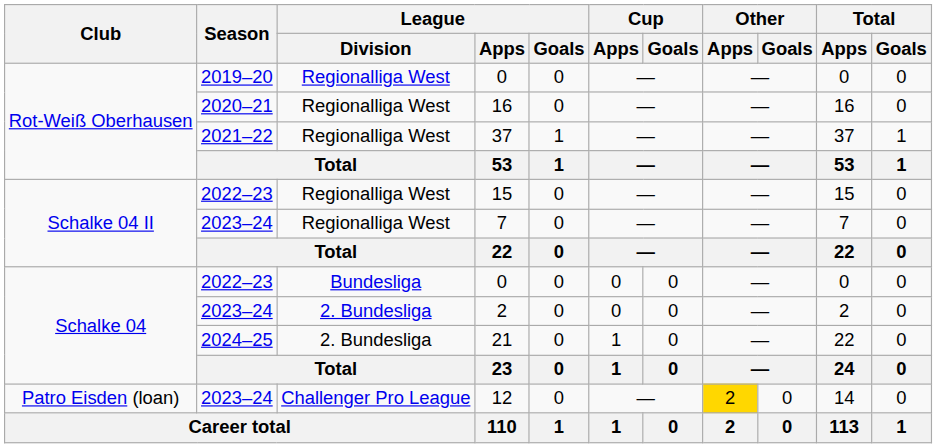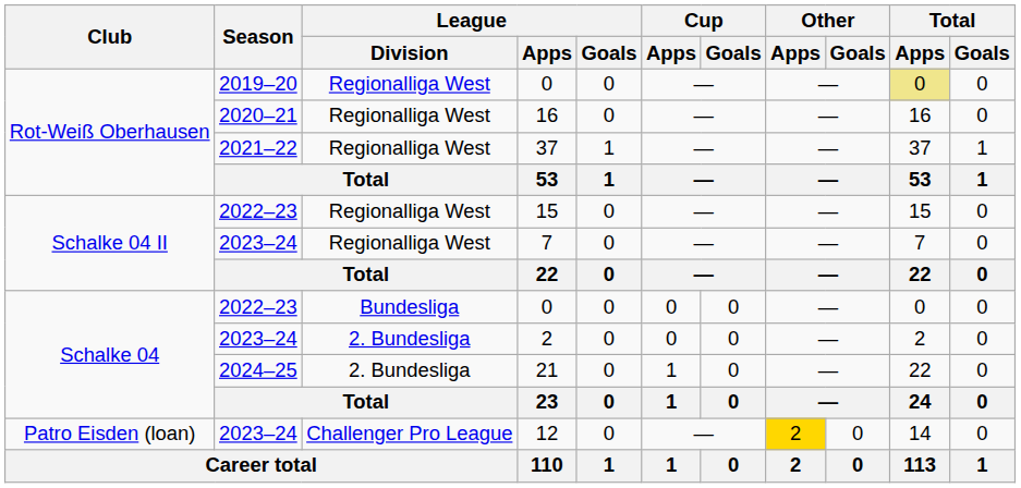 <table class="wikitable nowrap" style="text-align:center">
 <tr>
 <th rowspan="2">Club</th>
 <th rowspan="2">Season</th>
 <th colspan="3">League</th>
 <th colspan="2">Cup</th>
 <th colspan="2">Other</th>
 <th colspan="2">Total</th>
 </tr>
 <tr>
 <th>Division</th>
 <th>Apps</th>
 <th>Goals</th>
 <th>Apps</th>
 <th>Goals</th>
 <th>Apps</th>
 <th>Goals</th>
 <th>Apps</th>
 <th>Goals</th>
 </tr>
 <tr>
 <td rowspan="4"><a href='#'>Rot-Weiß Oberhausen</a></td>
 <td><a href='#'>2019–20</a></td>
 <td><a href='#'>Regionalliga West</a></td>
 <td>0</td>
 <td>0</td>
 <td colspan="2">—</td>
 <td colspan="2">—</td>
-<td>0</td>
+<td style="background: khaki;">0</td>
 <td>0</td>
 </tr>
 <tr>
 <td><a href='#'>2020–21</a></td>
 <td>Regionalliga West</td>
 <td>16</td>
 <td>0</td>
 <td colspan="2">—</td>
 <td colspan="2">—</td>
 <td>16</td>
 <td>0</td>
 </tr>
 <tr>
 <td><a href='#'>2021–22</a></td>
 <td>Regionalliga West</td>
 <td>37</td>
 <td>1</td>
 <td colspan="2">—</td>
 <td colspan="2">—</td>
 <td>37</td>
 <td>1</td>
 </tr>
 <tr>
 <th colspan="2">Total</th>
 <th>53</th>
 <th>1</th>
 <th colspan=2>—</th>
 <th colspan=2>—</th>
 <th>53</th>
 <th>1</th>
 </tr>
 <tr>
 <td rowspan="3"><a href='#'>Schalke 04 II</a></td>
 <td><a href='#'>2022–23</a></td>
 <td>Regionalliga West</td>
 <td>15</td>
 <td>0</td>
 <td colspan="2">—</td>
 <td colspan="2">—</td>
 <td>15</td>
 <td>0</td>
 </tr>
 <tr>
 <td><a href='#'>2023–24</a></td>
 <td>Regionalliga West</td>
 <td>7</td>
 <td>0</td>
 <td colspan="2">—</td>
 <td colspan="2">—</td>
 <td>7</td>
 <td>0</td>
 </tr>
 <tr>
 <th colspan="2">Total</th>
 <th>22</th>
 <th>0</th>
 <th colspan=2>—</th>
 <th colspan=2>—</th>
 <th>22</th>
 <th>0</th>
 </tr>
 <tr>
 <td rowspan="4"><a href='#'>Schalke 04</a></td>
 <td><a href='#'>2022–23</a></td>
 <td><a href='#'>Bundesliga</a></td>
 <td>0</td>
 <td>0</td>
 <td>0</td>
 <td>0</td>
 <td colspan="2">—</td>
 <td>0</td>
 <td>0</td>
 </tr>
 <tr>
 <td><a href='#'>2023–24</a></td>
 <td><a href='#'>2. Bundesliga</a></td>
 <td>2</td>
 <td>0</td>
 <td>0</td>
 <td>0</td>
 <td colspan="2">—</td>
 <td>2</td>
 <td>0</td>
 </tr>
 <tr>
 <td><a href='#'>2024–25</a></td>
 <td>2. Bundesliga</td>
 <td>21</td>
 <td>0</td>
 <td>1</td>
 <td>0</td>
 <td colspan="2">—</td>
 <td>22</td>
 <td>0</td>
 </tr>
 <tr>
 <th colspan="2">Total</th>
 <th>23</th>
 <th>0</th>
 <th>1</th>
 <th>0</th>
 <th colspan=2>—</th>
 <th>24</th>
 <th>0</th>
 </tr>
 <tr>
 <td><a href='#'>Patro Eisden</a> (loan)</td>
 <td><a href='#'>2023–24</a></td>
 <td><a href='#'>Challenger Pro League</a></td>
 <td>12</td>
 <td>0</td>
 <td colspan="2">—</td>
 <td style="background: gold;">2</td>
 <td>0</td>
 <td>14</td>
 <td>0</td>
 </tr>
 <tr>
 <th colspan="3">Career total</th>
 <th>110</th>
 <th>1</th>
 <th>1</th>
 <th>0</th>
 <th>2</th>
 <th>0</th>
 <th>113</th>
 <th>1</th>
 </tr>
 </table>
